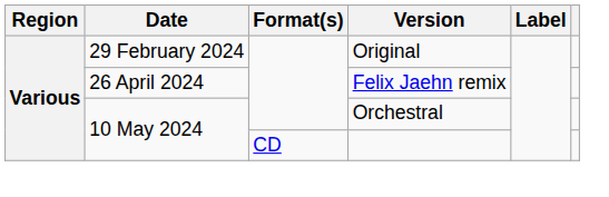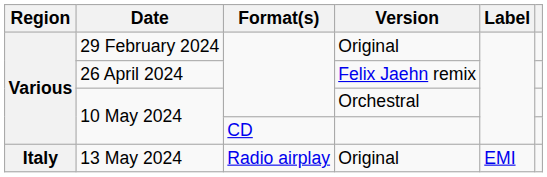 <table class="wikitable plainrowheaders">
 <tr>
 <th scope="col">Region</th>
 <th scope="col">Date</th>
 <th scope="col">Format(s)</th>
 <th scope="col">Version</th>
 <th scope="col">Label</th>
 <th scope="col"></th>
 </tr>
 <tr>
 <th scope="row" rowspan="4">Various</th>
 <td>29 February 2024</td>
 <td rowspan="3"></td>
 <td>Original</td>
 <td rowspan="4"></td>
 <td align="center"></td>
 </tr>
 <tr>
 <td>26 April 2024</td>
 <td><a href='#'>Felix Jaehn</a> remix</td>
 <td align="center"></td>
 </tr>
 <tr>
 <td rowspan="2">10 May 2024</td>
 <td>Orchestral</td>
 <td align="center"></td>
 </tr>
 <tr>
 <td><a href='#'>CD</a></td>
 <td></td>
 <td align="center"></td>
 </tr>
+<tr>
+<th scope="row">Italy</th>
+<td>13 May 2024</td>
+<td><a href='#'>Radio airplay</a></td>
+<td>Original</td>
+<td><a href='#'>EMI</a></td>
+<td align="center"></td>
+</tr>
 </table>
